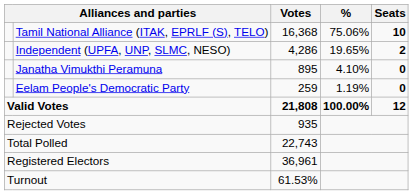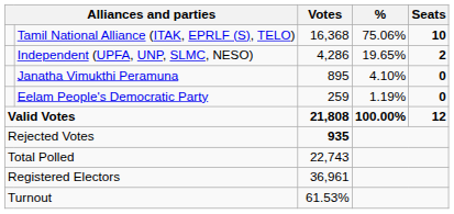 <table class="wikitable" border="1" style="text-align:right;">
 <tr>
 <th valign=bottom align=left colspan=2>Alliances and parties</th>
 <th valign=bottom align=center width="60">Votes</th>
 <th valign=bottom align=center width="50">%</th>
 <th valign=bottom align=center>Seats</th>
 </tr>
 <tr>
 <td bgcolor=> </td>
 <td align=left><a href='#'>Tamil National Alliance</a> (<a href='#'>ITAK</a>, <a href='#'>EPRLF (S)</a>, <a href='#'>TELO</a>)</td>
 <td>16,368</td>
 <td>75.06%</td>
 <td><strong>10</strong></td>
 </tr>
 <tr>
 <td></td>
 <td align=left><a href='#'>Independent</a> (<a href='#'>UPFA</a>, <a href='#'>UNP</a>, <a href='#'>SLMC</a>, NESO)</td>
 <td>4,286</td>
 <td>19.65%</td>
 <td><strong>2</strong></td>
 </tr>
 <tr>
 <td bgcolor=> </td>
 <td align=left><a href='#'>Janatha Vimukthi Peramuna</a></td>
 <td>895</td>
 <td>4.10%</td>
 <td><strong>0</strong></td>
 </tr>
 <tr>
 <td bgcolor=> </td>
 <td align=left><a href='#'>Eelam People's Democratic Party</a></td>
 <td>259</td>
 <td>1.19%</td>
 <td><strong>0</strong></td>
 </tr>
 <tr>
 <td colspan=2 align=left><strong>Valid Votes</strong></td>
 <td><strong>21,808</strong></td>
 <td><strong>100.00%</strong></td>
 <td><strong>12</strong></td>
 </tr>
 <tr>
 <td colspan=2 align=left>Rejected Votes</td>
-<td>935</td>
+<td><strong>935</strong></td>
 <td colspan=2></td>
 </tr>
 <tr>
 <td colspan=2 align=left>Total Polled</td>
 <td>22,743</td>
 <td colspan=2></td>
 </tr>
 <tr>
 <td colspan=2 align=left>Registered Electors</td>
 <td>36,961</td>
 <td colspan=2></td>
 </tr>
 <tr>
 <td colspan=2 align=left>Turnout</td>
 <td>61.53%</td>
 <td colspan=2></td>
 </tr>
 </table>
